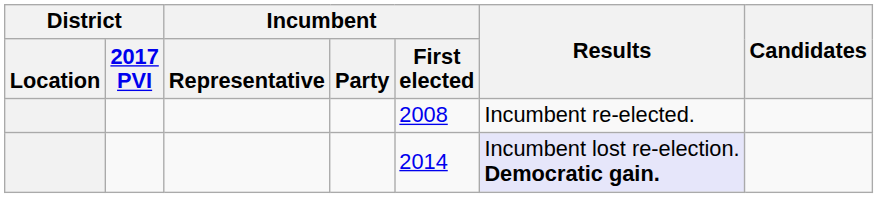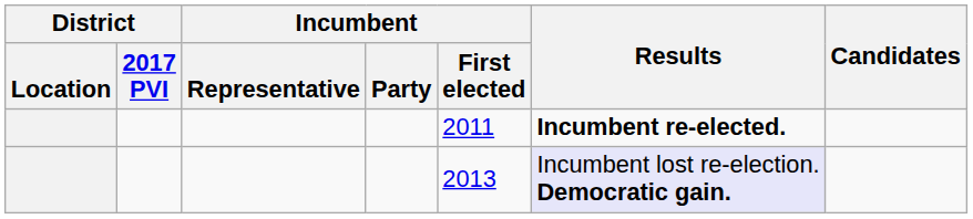 <table class="wikitable sortable">
 <tr>
 <th colspan=2>District</th>
 <th colspan=3>Incumbent</th>
 <th rowspan=2>Results</th>
 <th rowspan=2>Candidates</th>
 </tr>
 <tr valign=bottom>
 <th>Location</th>
 <th><a href='#'>2017<br>PVI</a></th>
 <th>Representative</th>
 <th>Party</th>
 <th>First<br>elected</th>
 </tr>
 <tr>
 <th></th>
 <td></td>
 <td></td>
 <td></td>
-<td><a href='#'>2008</a></td>
-<td>Incumbent re-elected.</td>
+<td><a href='#'>2011</a></td>
+<td><strong>Incumbent re-elected.</strong></td>
 <td nowrap></td>
 </tr>
 <tr>
 <th></th>
 <td></td>
 <td></td>
 <td></td>
-<td><a href='#'>2014</a></td>
+<td><a href='#'>2013</a></td>
 <td style="background: lavender;">Incumbent lost re-election.<br><strong>Democratic gain.</strong></td>
 <td nowrap></td>
 </tr>
 </table>
